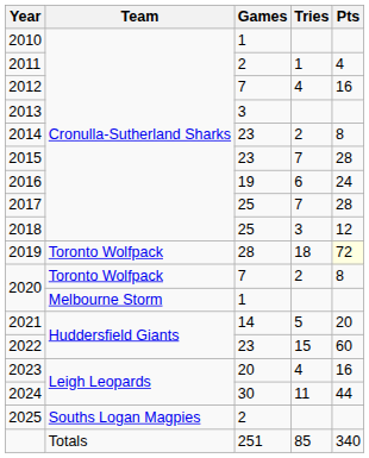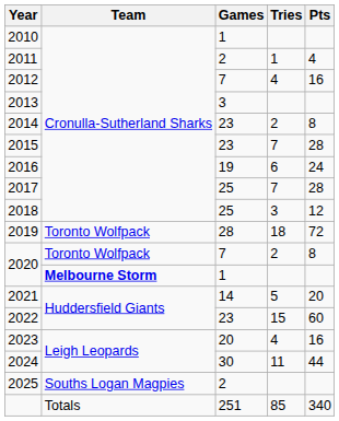 <table class="wikitable">
 <tr>
 <th>Year</th>
 <th>Team</th>
 <th>Games</th>
 <th>Tries</th>
 <th>Pts</th>
 </tr>
 <tr>
 <td>2010</td>
 <td rowspan="9"> <a href='#'>Cronulla-Sutherland Sharks</a></td>
 <td>1</td>
 <td></td>
 <td></td>
 </tr>
 <tr>
 <td>2011</td>
 <td>2</td>
 <td>1</td>
 <td>4</td>
 </tr>
 <tr>
 <td>2012</td>
 <td>7</td>
 <td>4</td>
 <td>16</td>
 </tr>
 <tr>
 <td>2013</td>
 <td>3</td>
 <td></td>
 <td></td>
 </tr>
 <tr>
 <td>2014</td>
 <td>23</td>
 <td>2</td>
 <td>8</td>
 </tr>
 <tr>
 <td>2015</td>
 <td>23</td>
 <td>7</td>
 <td>28</td>
 </tr>
 <tr>
 <td>2016</td>
 <td>19</td>
 <td>6</td>
 <td>24</td>
 </tr>
 <tr>
 <td>2017</td>
 <td>25</td>
 <td>7</td>
 <td>28</td>
 </tr>
 <tr>
 <td>2018</td>
 <td>25</td>
 <td>3</td>
 <td>12</td>
 </tr>
 <tr>
 <td>2019</td>
 <td> <a href='#'>Toronto Wolfpack</a></td>
 <td>28</td>
 <td>18</td>
-<td style="background: lightyellow;">72</td>
+<td>72</td>
 </tr>
 <tr>
 <td rowspan="2">2020</td>
 <td> <a href='#'>Toronto Wolfpack</a></td>
 <td>7</td>
 <td>2</td>
 <td>8</td>
 </tr>
 <tr>
-<td> <a href='#'>Melbourne Storm</a></td>
+<td><strong> <a href='#'>Melbourne Storm</a></strong></td>
 <td>1</td>
 <td></td>
 <td></td>
 </tr>
 <tr>
 <td>2021</td>
 <td rowspan="2"> <a href='#'>Huddersfield Giants</a></td>
 <td>14</td>
 <td>5</td>
 <td>20</td>
 </tr>
 <tr>
 <td>2022</td>
 <td>23</td>
 <td>15</td>
 <td>60</td>
 </tr>
 <tr>
 <td>2023</td>
 <td rowspan="2"> <a href='#'>Leigh Leopards</a></td>
 <td>20</td>
 <td>4</td>
 <td>16</td>
 </tr>
 <tr>
 <td>2024</td>
 <td>30</td>
 <td>11</td>
 <td>44</td>
 </tr>
 <tr>
 <td>2025</td>
 <td> <a href='#'>Souths Logan Magpies</a></td>
 <td>2</td>
 <td></td>
 <td></td>
 </tr>
 <tr>
 <td></td>
 <td>Totals</td>
 <td>251</td>
 <td>85</td>
 <td>340</td>
 </tr>
 </table>
